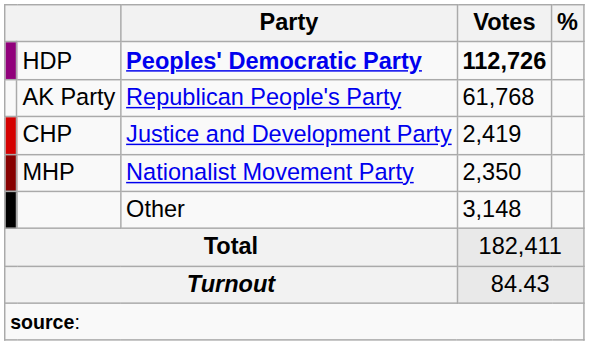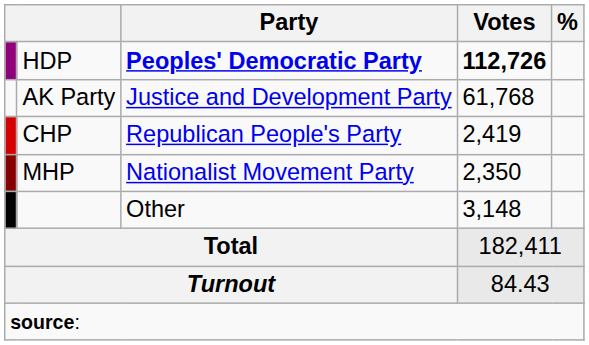 <table class="wikitable">
 <tr>
 <th colspan="2" align="center"></th>
 <th align="center">Party</th>
 <th align="center">Votes</th>
 <th align="center">%</th>
 </tr>
 <tr align="left">
 <td bgcolor="#91007B" width="1"></td>
 <td>HDP</td>
 <td><strong><a href='#'>Peoples' Democratic Party</a></strong></td>
 <td><strong>112,726</strong></td>
 <td><strong></strong></td>
 </tr>
 <tr align="left">
 <td></td>
 <td>AK Party</td>
-<td><a href='#'>Republican People's Party</a></td>
+<td><a href='#'>Justice and Development Party</a></td>
 <td>61,768</td>
 <td></td>
 </tr>
 <tr align="left">
 <td bgcolor="#d50000" width="1"></td>
 <td>CHP</td>
-<td><a href='#'>Justice and Development Party</a></td>
+<td><a href='#'>Republican People's Party</a></td>
 <td>2,419</td>
 <td></td>
 </tr>
 <tr align="left">
 <td bgcolor="#870000" width="1"></td>
 <td>MHP</td>
 <td><a href='#'>Nationalist Movement Party</a></td>
 <td>2,350</td>
 <td></td>
 </tr>
 <tr align="left">
 <td bgcolor=" " width="1"></td>
 <td></td>
 <td>Other</td>
 <td>3,148</td>
 <td></td>
 </tr>
 <tr align="left" style="background-color:#E9E9E9">
 <th colspan="3" align="center"><strong>Total</strong></th>
 <td colspan="5" align="center">182,411</td>
 </tr>
 <tr align="left" style="background-color:#E9E9E9">
 <th colspan="3" align="center"><em>Turnout</em></th>
 <td colspan="5" align="center">84.43</td>
 </tr>
 <tr>
 <td colspan="9" align="left"><small><strong>source</strong>: </small></td>
 </tr>
 </table>
